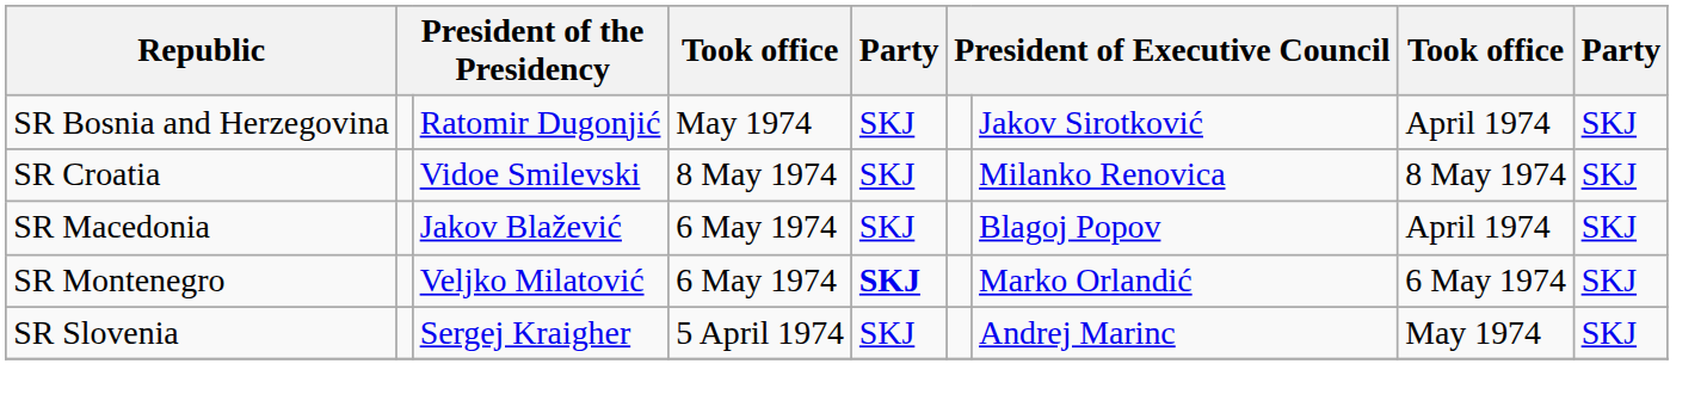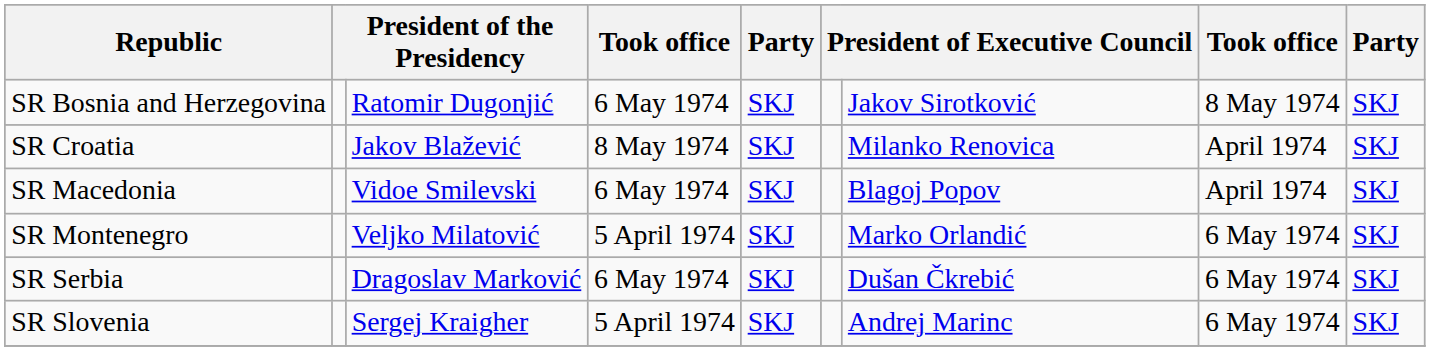 <table class="wikitable">
 <tr>
 <th style="text-align: center;">Republic</th>
 <th colspan="2" style="text-align: center;">President of the<br>Presidency</th>
 <th style="text-align: center;">Took office</th>
 <th style="text-align: center;">Party</th>
 <th colspan="2" style="text-align: center;">President of Executive Council</th>
 <th style="text-align: center;">Took office</th>
 <th style="text-align: center;">Party</th>
 </tr>
 <tr>
 <td>SR Bosnia and Herzegovina</td>
 <td style="background:"></td>
 <td><a href='#'>Ratomir Dugonjić</a></td>
-<td>May 1974</td>
+<td>6 May 1974</td>
 <td><a href='#'>SKJ</a></td>
 <td style="background:"></td>
 <td><a href='#'>Jakov Sirotković</a></td>
-<td>April 1974</td>
+<td>8 May 1974</td>
 <td><a href='#'>SKJ</a></td>
 </tr>
 <tr>
 <td>SR Croatia</td>
 <td style="background:"></td>
-<td><a href='#'>Vidoe Smilevski</a></td>
+<td><a href='#'>Jakov Blažević</a></td>
 <td>8 May 1974</td>
 <td><a href='#'>SKJ</a></td>
 <td style="background:"></td>
 <td><a href='#'>Milanko Renovica</a></td>
-<td>8 May 1974</td>
+<td>April 1974</td>
 <td><a href='#'>SKJ</a></td>
 </tr>
 <tr>
 <td>SR Macedonia</td>
 <td style="background:"></td>
-<td><a href='#'>Jakov Blažević</a></td>
+<td><a href='#'>Vidoe Smilevski</a></td>
 <td>6 May 1974</td>
 <td><a href='#'>SKJ</a></td>
 <td style="background:"></td>
 <td><a href='#'>Blagoj Popov</a></td>
 <td>April 1974</td>
 <td><a href='#'>SKJ</a></td>
 </tr>
 <tr>
 <td>SR Montenegro</td>
 <td style="background:"></td>
 <td><a href='#'>Veljko Milatović</a></td>
-<td>6 May 1974</td>
-<td><strong><a href='#'>SKJ</a></strong></td>
+<td>5 April 1974</td>
+<td><a href='#'>SKJ</a></td>
 <td style="background:"></td>
 <td><a href='#'>Marko Orlandić</a></td>
+<td>6 May 1974</td>
+<td><a href='#'>SKJ</a></td>
+</tr>
+<tr>
+<td>SR Serbia</td>
+<td style="background:"></td>
+<td><a href='#'>Dragoslav Marković</a></td>
+<td>6 May 1974</td>
+<td><a href='#'>SKJ</a></td>
+<td style="background:"></td>
+<td><a href='#'>Dušan Čkrebić</a></td>
 <td>6 May 1974</td>
 <td><a href='#'>SKJ</a></td>
 </tr>
 <tr>
 <td>SR Slovenia</td>
 <td style="background:"></td>
 <td><a href='#'>Sergej Kraigher</a></td>
 <td>5 April 1974</td>
 <td><a href='#'>SKJ</a></td>
 <td style="background:"></td>
 <td><a href='#'>Andrej Marinc</a></td>
-<td>May 1974</td>
+<td>6 May 1974</td>
 <td><a href='#'>SKJ</a></td>
 </tr>
 <tr>
 </tr>
 </table>
